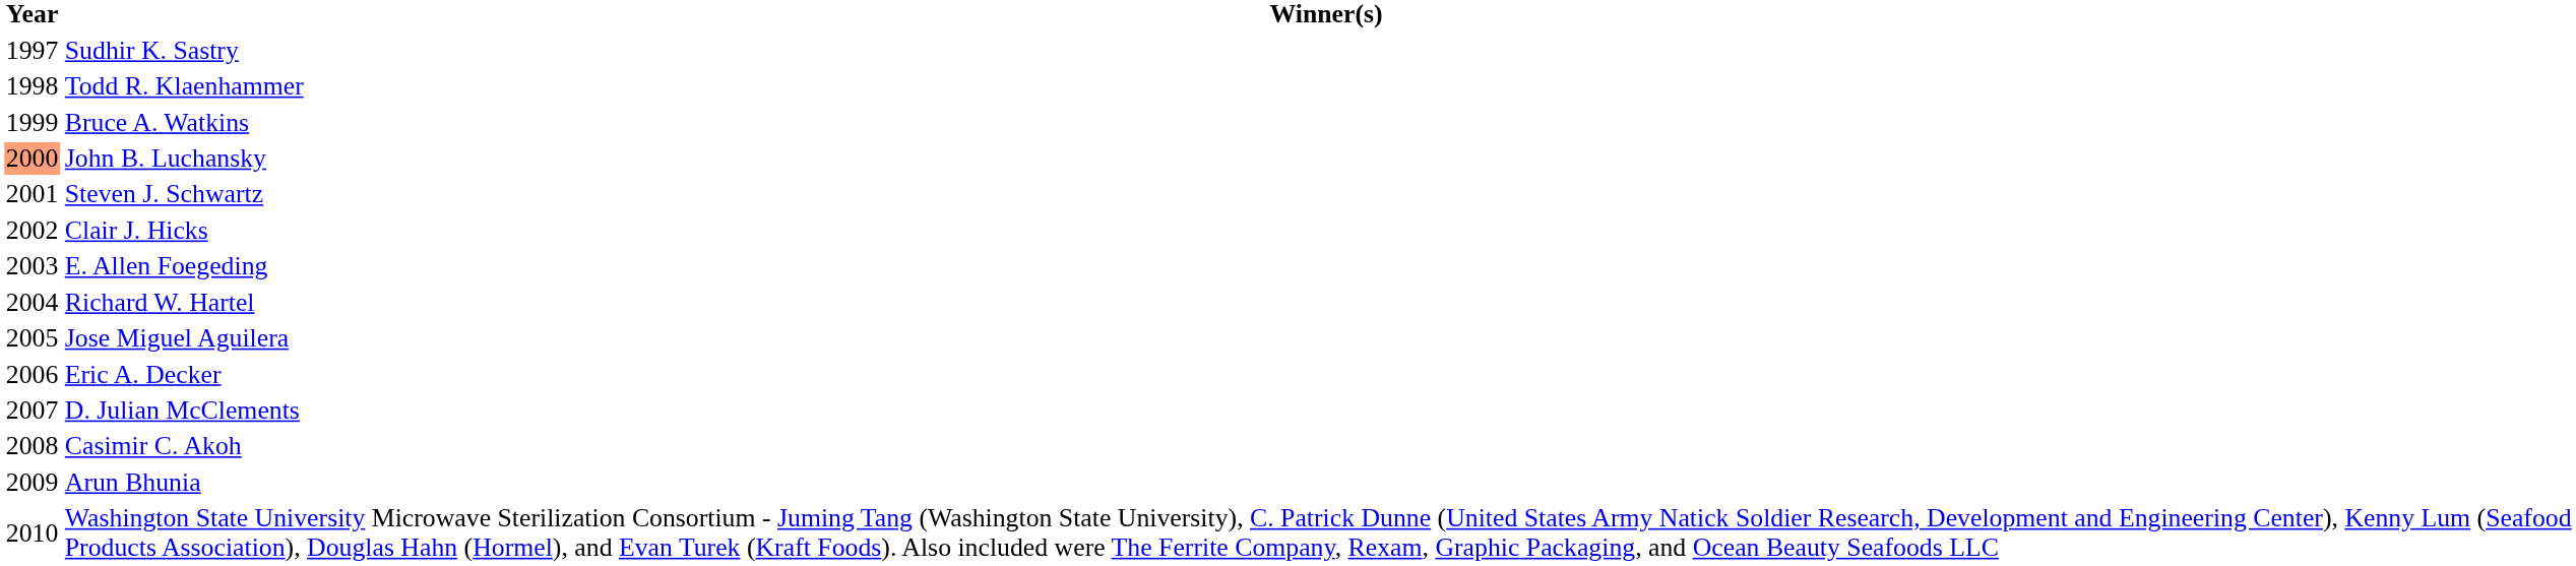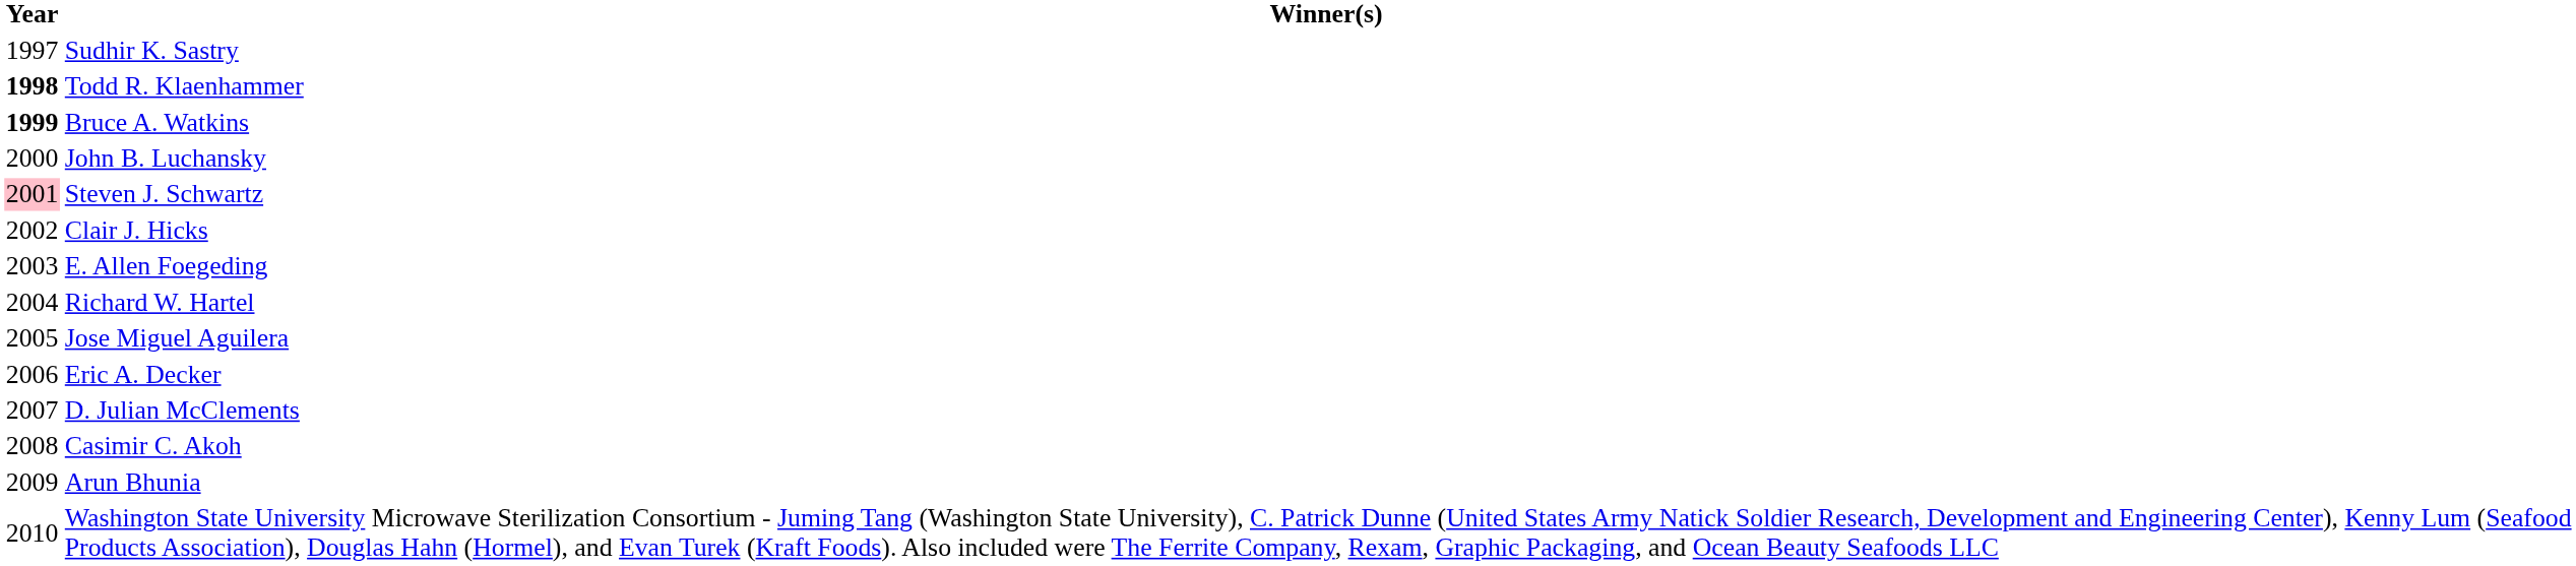 <table>
 <tr>
 <th>Year</th>
 <th>Winner(s)</th>
 </tr>
 <tr>
 <td>1997</td>
 <td><a href='#'>Sudhir K. Sastry</a></td>
 </tr>
 <tr>
-<td>1998</td>
+<td><strong>1998</strong></td>
 <td><a href='#'>Todd R. Klaenhammer</a></td>
 </tr>
 <tr>
-<td>1999</td>
+<td><strong>1999</strong></td>
 <td><a href='#'>Bruce A. Watkins</a></td>
 </tr>
 <tr>
-<td style="background: lightsalmon;">2000</td>
+<td>2000</td>
 <td><a href='#'>John B. Luchansky</a></td>
 </tr>
 <tr>
-<td>2001</td>
+<td style="background: pink;">2001</td>
 <td><a href='#'>Steven J. Schwartz</a></td>
 </tr>
 <tr>
 <td>2002</td>
 <td><a href='#'>Clair J. Hicks</a></td>
 </tr>
 <tr>
 <td>2003</td>
 <td><a href='#'>E. Allen Foegeding</a></td>
 </tr>
 <tr>
 <td>2004</td>
 <td><a href='#'>Richard W. Hartel</a></td>
 </tr>
 <tr>
 <td>2005</td>
 <td><a href='#'>Jose Miguel Aguilera</a></td>
 </tr>
 <tr>
 <td>2006</td>
 <td><a href='#'>Eric A. Decker</a></td>
 </tr>
 <tr>
 <td>2007</td>
 <td><a href='#'>D. Julian McClements</a></td>
 </tr>
 <tr>
 <td>2008</td>
 <td><a href='#'>Casimir C. Akoh</a></td>
 </tr>
 <tr>
 <td>2009</td>
 <td><a href='#'>Arun Bhunia</a></td>
 </tr>
 <tr>
 <td>2010</td>
 <td><a href='#'>Washington State University</a> Microwave Sterilization Consortium - <a href='#'>Juming Tang</a> (Washington State University), <a href='#'>C. Patrick Dunne</a> (<a href='#'>United States Army Natick Soldier Research, Development and Engineering Center</a>), <a href='#'>Kenny Lum</a> (<a href='#'>Seafood Products Association</a>), <a href='#'>Douglas Hahn</a> (<a href='#'>Hormel</a>), and <a href='#'>Evan Turek</a> (<a href='#'>Kraft Foods</a>). Also included were <a href='#'>The Ferrite Company</a>, <a href='#'>Rexam</a>, <a href='#'>Graphic Packaging</a>, and <a href='#'>Ocean Beauty Seafoods LLC</a></td>
 </tr>
 </table>
